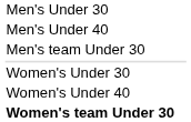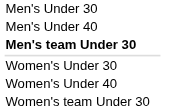 <table>
 <tr Adama Ndiaye>
 <td rowspan=2>Men's Under 30</td>
 <td rowspan=2></td>
 <td rowspan=2></td>
 <td></td>
 </tr>
 <tr>
 <td></td>
 </tr>
 <tr>
 <td rowspan=2>Men's Under 40</td>
 <td rowspan=2></td>
 <td rowspan=2></td>
 <td></td>
 </tr>
 <tr>
 <td></td>
 </tr>
 <tr>
-<td>Men's team Under 30</td>
+<td><strong>Men's team Under 30</strong></td>
 <td></td>
 <td></td>
 <td></td>
 </tr>
 <tr bgcolor=#DDDDDD>
 <td colspan=7></td>
 </tr>
 <tr>
 <td rowspan=2>Women's Under 30</td>
 <td rowspan=2></td>
 <td rowspan=2></td>
 <td></td>
 </tr>
 <tr>
 <td></td>
 </tr>
 <tr>
 <td rowspan=2>Women's Under 40</td>
 <td rowspan=2></td>
 <td rowspan=2></td>
 <td></td>
 </tr>
 <tr>
 <td></td>
 </tr>
 <tr>
-<td><strong>Women's team Under 30</strong></td>
+<td>Women's team Under 30</td>
 <td></td>
 <td></td>
 <td></td>
 </tr>
 </table>
